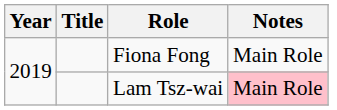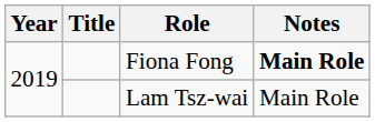 <table class="wikitable sortable plainrowheaders">
 <tr>
 <th scope="col">Year</th>
 <th scope="col">Title</th>
 <th scope="col">Role</th>
 <th scope="col">Notes</th>
 </tr>
 <tr>
 <td rowspan="2">2019</td>
 <td><em></em></td>
 <td>Fiona Fong</td>
-<td>Main Role</td>
+<td><strong>Main Role</strong></td>
 </tr>
 <tr>
 <td><em></em></td>
 <td>Lam Tsz-wai</td>
-<td style="background: pink;">Main Role</td>
+<td>Main Role</td>
 </tr>
 </table>
